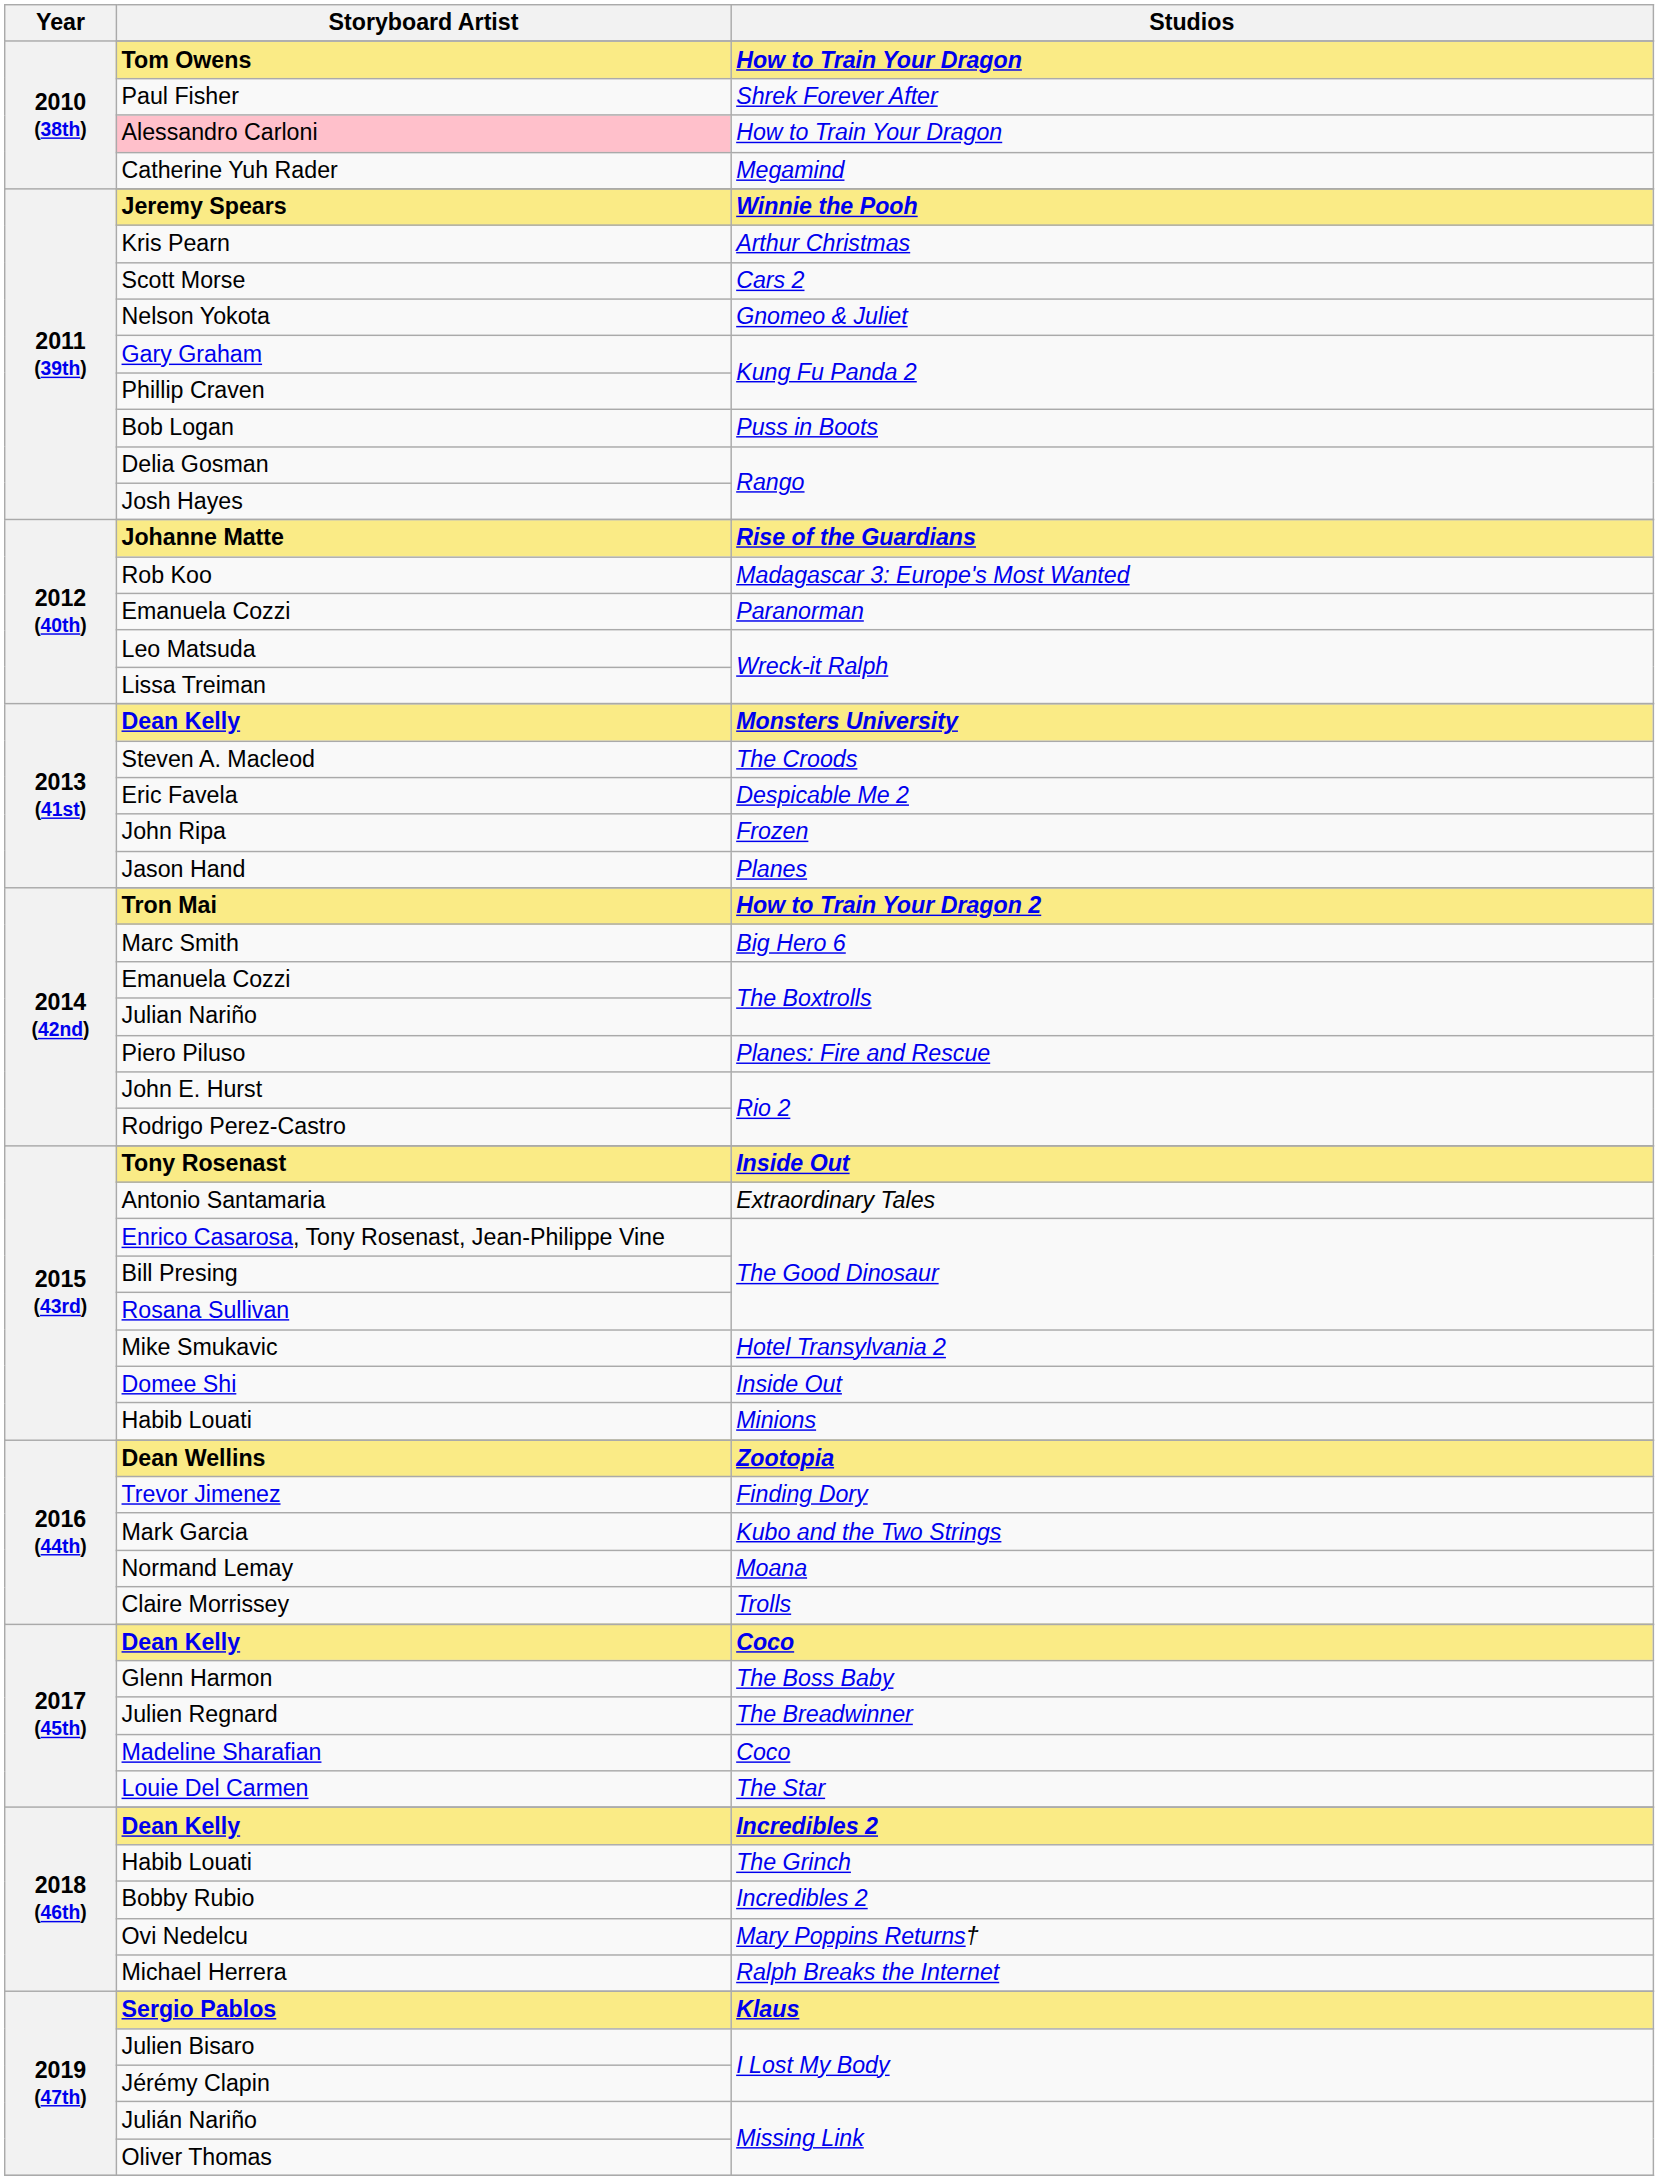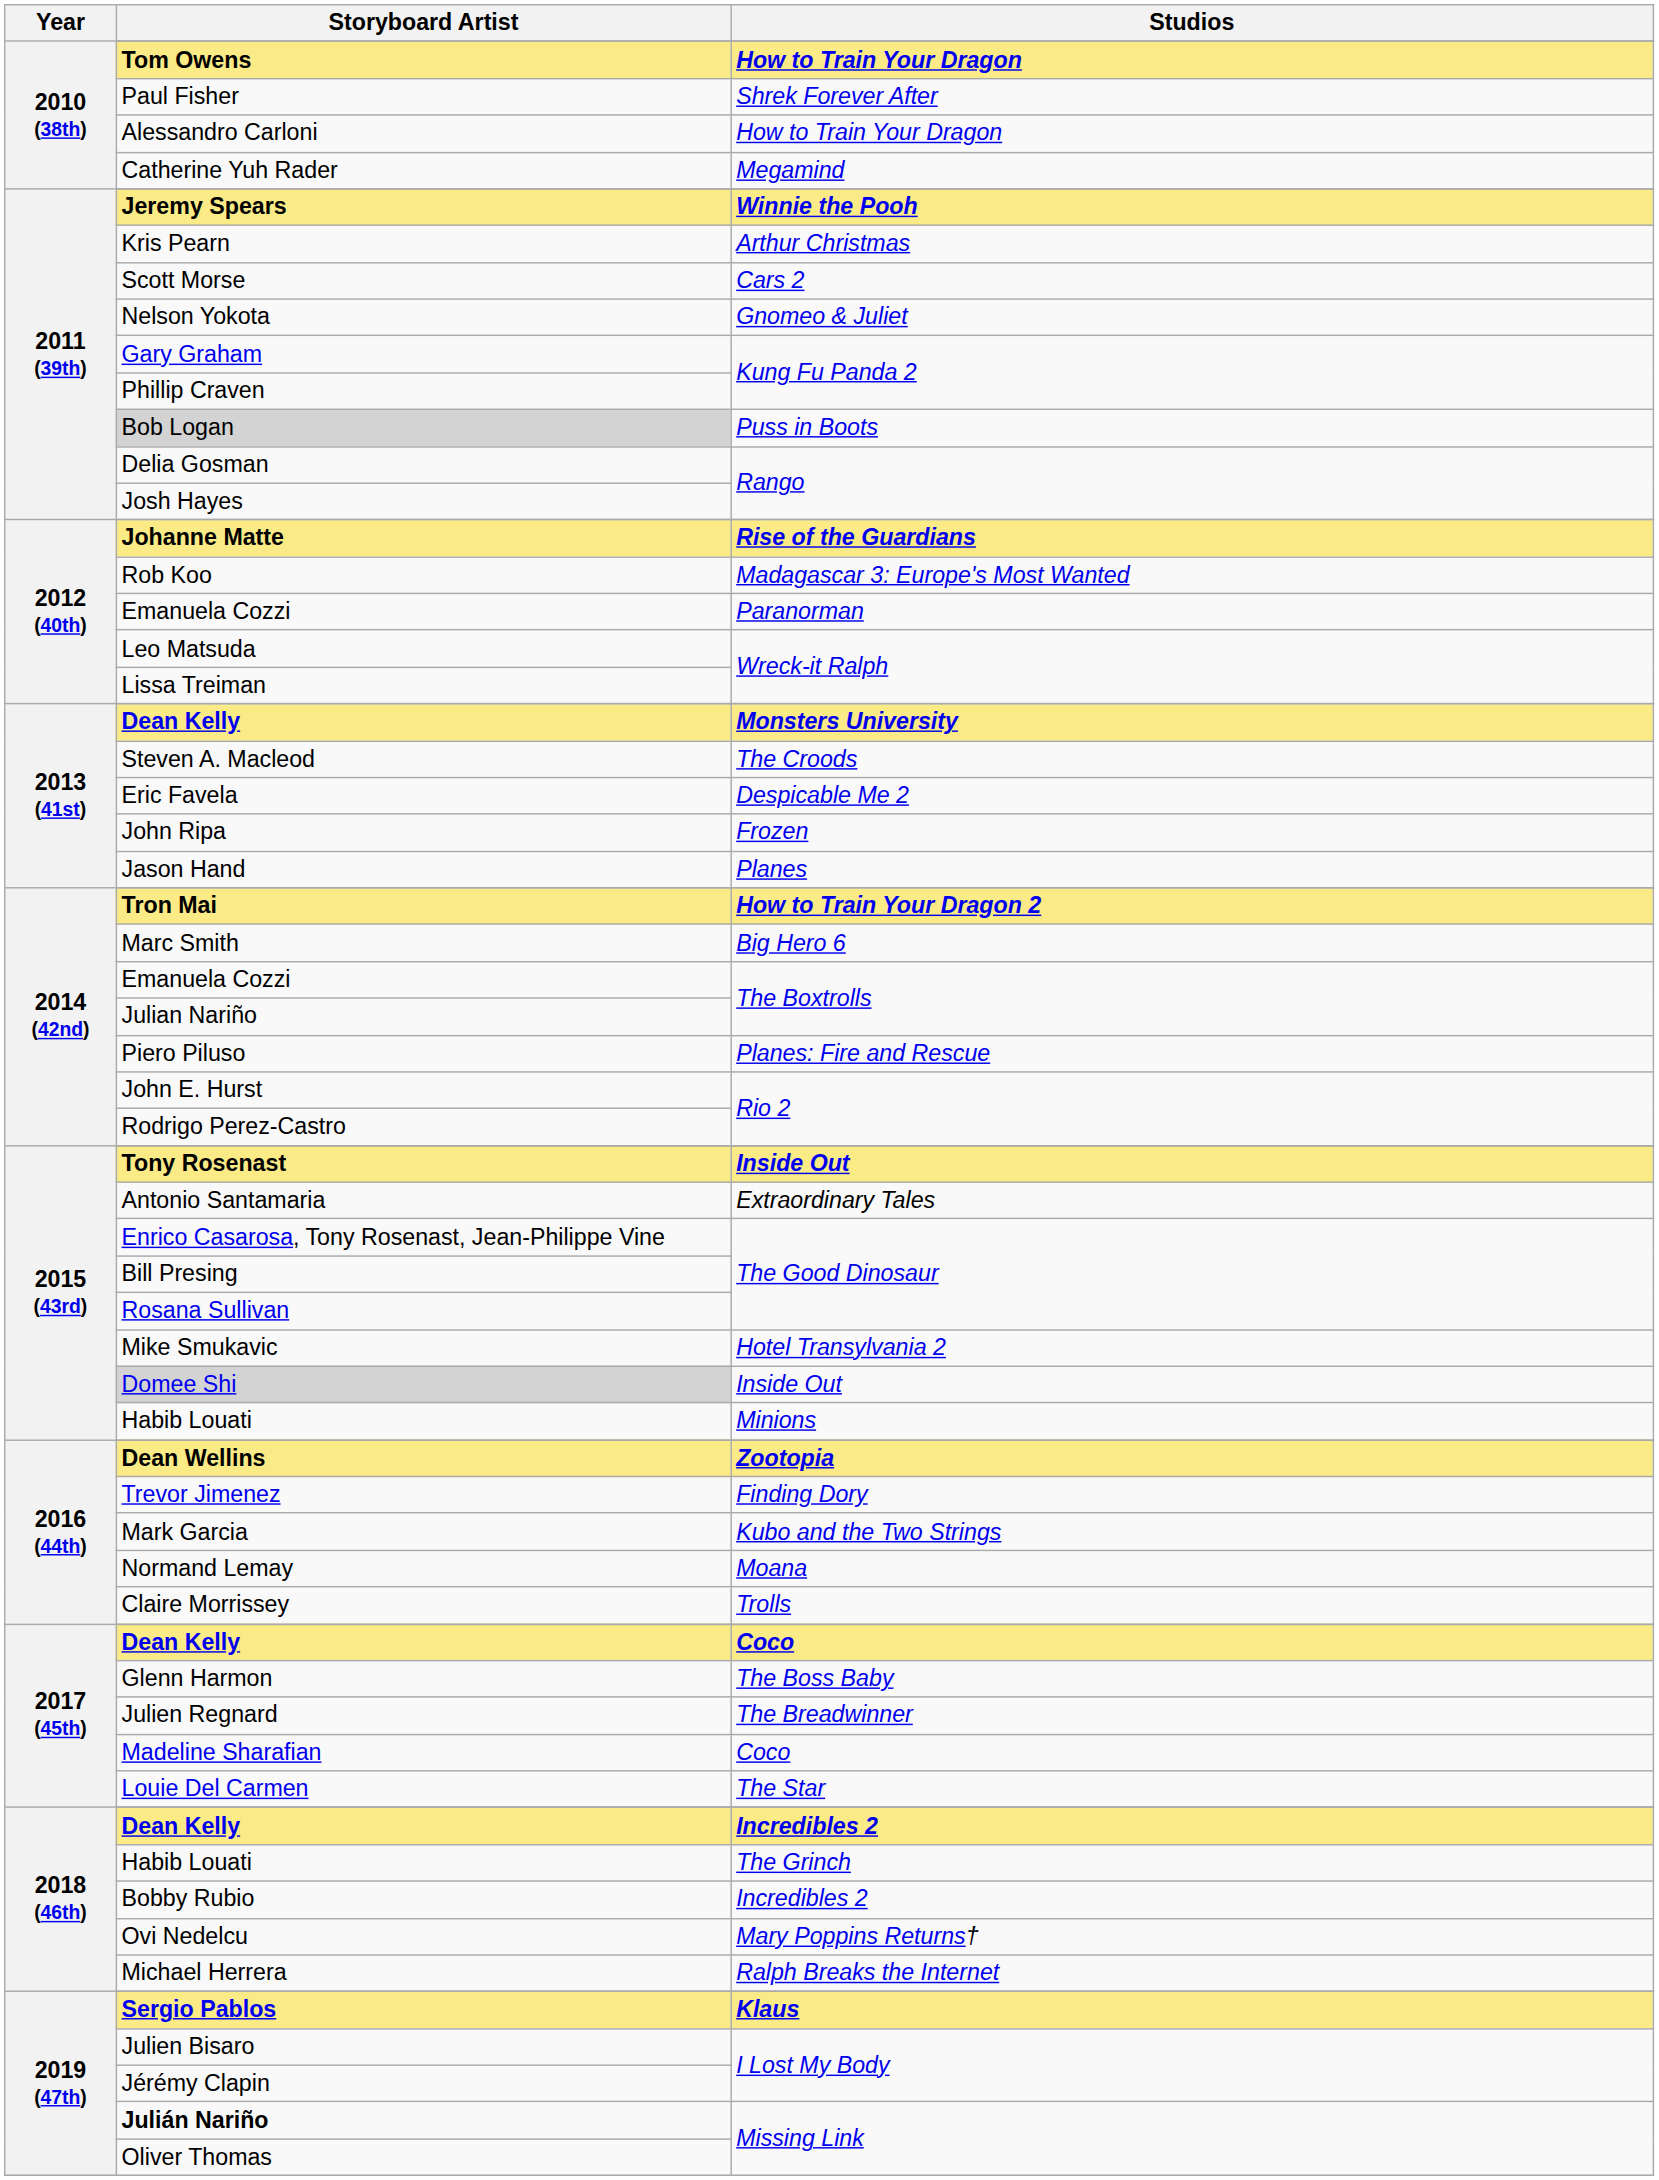 <table class="wikitable" style="width:90%;">
 <tr>
 <th style="width:3%;">Year</th>
 <th style="width:20%;">Storyboard Artist</th>
 <th style="width:30%;">Studios</th>
 </tr>
 <tr>
 <th rowspan="5" style="text-align:center;">2010 <br><small>(<a href='#'>38th</a>)</small><br></th>
 </tr>
 <tr>
 <td style="background:#FAEB86;"><strong>Tom Owens</strong></td>
 <td style="background:#FAEB86;"><strong><em><a href='#'>How to Train Your Dragon</a></em></strong></td>
 </tr>
 <tr>
 <td>Paul Fisher</td>
 <td><em><a href='#'>Shrek Forever After</a></em></td>
 </tr>
 <tr>
-<td style="background: pink;">Alessandro Carloni</td>
+<td>Alessandro Carloni</td>
 <td><em><a href='#'>How to Train Your Dragon</a></em></td>
 </tr>
 <tr>
 <td>Catherine Yuh Rader</td>
 <td><em><a href='#'>Megamind</a></em></td>
 </tr>
 <tr>
 <th rowspan="10" style="text-align:center;">2011 <br><small>(<a href='#'>39th</a>)</small><br></th>
 </tr>
 <tr>
 <td style="background:#FAEB86;"><strong>Jeremy Spears</strong></td>
 <td style="background:#FAEB86;"><strong><em><a href='#'>Winnie the Pooh</a></em></strong></td>
 </tr>
 <tr>
 <td>Kris Pearn</td>
 <td><em><a href='#'>Arthur Christmas</a></em></td>
 </tr>
 <tr>
 <td>Scott Morse</td>
 <td><em><a href='#'>Cars 2</a></em></td>
 </tr>
 <tr>
 <td>Nelson Yokota</td>
 <td><em><a href='#'>Gnomeo & Juliet</a></em></td>
 </tr>
 <tr>
 <td><a href='#'>Gary Graham</a></td>
 <td rowspan="2"><em><a href='#'>Kung Fu Panda 2</a></em></td>
 </tr>
 <tr>
 <td>Phillip Craven</td>
 </tr>
 <tr>
-<td>Bob Logan</td>
+<td style="background: lightgrey;">Bob Logan</td>
 <td><a href='#'><em>Puss in Boots</em></a></td>
 </tr>
 <tr>
 <td>Delia Gosman</td>
 <td rowspan="2"><em><a href='#'>Rango</a></em></td>
 </tr>
 <tr>
 <td>Josh Hayes</td>
 </tr>
 <tr>
 <th rowspan="6" style="text-align:center;">2012 <br><small>(<a href='#'>40th</a>)</small><br></th>
 </tr>
 <tr>
 <td style="background:#FAEB86;"><strong>Johanne Matte</strong></td>
 <td style="background:#FAEB86;"><strong><em><a href='#'>Rise of the Guardians</a></em></strong></td>
 </tr>
 <tr>
 <td>Rob Koo</td>
 <td><em><a href='#'>Madagascar 3: Europe's Most Wanted</a></em></td>
 </tr>
 <tr>
 <td>Emanuela Cozzi</td>
 <td><em><a href='#'>Paranorman</a></em></td>
 </tr>
 <tr>
 <td>Leo Matsuda</td>
 <td rowspan="2"><em><a href='#'>Wreck-it Ralph</a></em></td>
 </tr>
 <tr>
 <td>Lissa Treiman</td>
 </tr>
 <tr>
 <th rowspan="6" style="text-align:center;">2013 <br><small>(<a href='#'>41st</a>)</small><br></th>
 </tr>
 <tr>
 <td style="background:#FAEB86;"><strong><a href='#'>Dean Kelly</a></strong></td>
 <td style="background:#FAEB86;"><strong><em><a href='#'>Monsters University</a></em></strong></td>
 </tr>
 <tr>
 <td>Steven A. Macleod</td>
 <td><em><a href='#'>The Croods</a></em></td>
 </tr>
 <tr>
 <td>Eric Favela</td>
 <td><em><a href='#'>Despicable Me 2</a></em></td>
 </tr>
 <tr>
 <td>John Ripa</td>
 <td><em><a href='#'>Frozen</a></em></td>
 </tr>
 <tr>
 <td>Jason Hand</td>
 <td><em><a href='#'>Planes</a></em></td>
 </tr>
 <tr>
 <th rowspan="8" style="text-align:center;">2014 <br><small>(<a href='#'>42nd</a>)</small><br></th>
 </tr>
 <tr>
 <td style="background:#FAEB86;"><strong>Tron Mai</strong></td>
 <td style="background:#FAEB86;"><strong><em><a href='#'>How to Train Your Dragon 2</a></em></strong></td>
 </tr>
 <tr>
 <td>Marc Smith</td>
 <td><em><a href='#'>Big Hero 6</a></em></td>
 </tr>
 <tr>
 <td>Emanuela Cozzi</td>
 <td rowspan="2"><em><a href='#'>The Boxtrolls</a></em></td>
 </tr>
 <tr>
 <td>Julian Nariño</td>
 </tr>
 <tr>
 <td>Piero Piluso</td>
 <td><em><a href='#'>Planes: Fire and Rescue</a></em></td>
 </tr>
 <tr>
 <td>John E. Hurst</td>
 <td rowspan="2"><em><a href='#'>Rio 2</a></em></td>
 </tr>
 <tr>
 <td>Rodrigo Perez-Castro</td>
 </tr>
 <tr>
 <th rowspan="9" style="text-align:center;">2015 <br><small>(<a href='#'>43rd</a>)</small><br></th>
 </tr>
 <tr>
 <td style="background:#FAEB86;"><strong>Tony Rosenast</strong></td>
 <td style="background:#FAEB86;"><strong><em><a href='#'>Inside Out</a></em></strong></td>
 </tr>
 <tr>
 <td>Antonio Santamaria</td>
 <td><em>Extraordinary Tales</em></td>
 </tr>
 <tr>
 <td><a href='#'>Enrico Casarosa</a>, Tony Rosenast, Jean-Philippe Vine</td>
 <td rowspan="3"><em><a href='#'>The Good Dinosaur</a></em></td>
 </tr>
 <tr>
 <td>Bill Presing</td>
 </tr>
 <tr>
 <td><a href='#'>Rosana Sullivan</a></td>
 </tr>
 <tr>
 <td>Mike Smukavic</td>
 <td><em><a href='#'>Hotel Transylvania 2</a></em></td>
 </tr>
 <tr>
-<td><a href='#'>Domee Shi</a></td>
+<td style="background: lightgrey;"><a href='#'>Domee Shi</a></td>
 <td><em><a href='#'>Inside Out</a></em></td>
 </tr>
 <tr>
 <td>Habib Louati</td>
 <td><a href='#'><em>Minions</em></a></td>
 </tr>
 <tr>
 <th rowspan="6" style="text-align:center;">2016 <br><small>(<a href='#'>44th</a>)</small><br></th>
 </tr>
 <tr>
 <td style="background:#FAEB86;"><strong>Dean Wellins</strong></td>
 <td style="background:#FAEB86;"><strong><em><a href='#'>Zootopia</a></em></strong></td>
 </tr>
 <tr>
 <td><a href='#'>Trevor Jimenez</a></td>
 <td><em><a href='#'>Finding Dory</a></em></td>
 </tr>
 <tr>
 <td>Mark Garcia</td>
 <td><em><a href='#'>Kubo and the Two Strings</a></em></td>
 </tr>
 <tr>
 <td>Normand Lemay</td>
 <td><em><a href='#'>Moana</a></em></td>
 </tr>
 <tr>
 <td>Claire Morrissey</td>
 <td><em><a href='#'>Trolls</a></em></td>
 </tr>
 <tr>
 <th rowspan="6" style="text-align:center;">2017 <br><small>(<a href='#'>45th</a>)</small><br></th>
 </tr>
 <tr>
 <td style="background:#FAEB86;"><a href='#'><strong>Dean Kelly</strong></a></td>
 <td style="background:#FAEB86;"><strong><em><a href='#'>Coco</a></em></strong></td>
 </tr>
 <tr>
 <td>Glenn Harmon</td>
 <td><em><a href='#'>The Boss Baby</a></em></td>
 </tr>
 <tr>
 <td>Julien Regnard</td>
 <td><a href='#'><em>The Breadwinner</em></a></td>
 </tr>
 <tr>
 <td><a href='#'>Madeline Sharafian</a></td>
 <td><em><a href='#'>Coco</a></em></td>
 </tr>
 <tr>
 <td><a href='#'>Louie Del Carmen</a></td>
 <td><em><a href='#'>The Star</a></em></td>
 </tr>
 <tr>
 <th rowspan="6" style="text-align:center;">2018 <br><small>(<a href='#'>46th</a>)</small><br></th>
 </tr>
 <tr>
 <td style="background:#FAEB86;"><a href='#'><strong>Dean Kelly</strong></a></td>
 <td style="background:#FAEB86;"><strong><em><a href='#'>Incredibles 2</a></em></strong></td>
 </tr>
 <tr>
 <td>Habib Louati</td>
 <td><em><a href='#'>The Grinch</a></em></td>
 </tr>
 <tr>
 <td>Bobby Rubio</td>
 <td><em><a href='#'>Incredibles 2</a></em></td>
 </tr>
 <tr>
 <td>Ovi Nedelcu</td>
 <td><em><a href='#'>Mary Poppins Returns</a>†</em></td>
 </tr>
 <tr>
 <td>Michael Herrera</td>
 <td><em><a href='#'>Ralph Breaks the Internet</a></em></td>
 </tr>
 <tr>
 <th rowspan="6" style="text-align:center;">2019 <br><small>(<a href='#'>47th</a>)</small><br></th>
 </tr>
 <tr>
 <td style="background:#FAEB86;"><strong><a href='#'>Sergio Pablos</a></strong></td>
 <td style="background:#FAEB86;"><strong><em><a href='#'>Klaus</a></em></strong></td>
 </tr>
 <tr>
 <td>Julien Bisaro</td>
 <td rowspan="2"><em><a href='#'>I Lost My Body</a></em></td>
 </tr>
 <tr>
 <td>Jérémy Clapin</td>
 </tr>
 <tr>
-<td>Julián Nariño</td>
+<td><strong>Julián Nariño</strong></td>
 <td rowspan="2"><em><a href='#'>Missing Link</a></em></td>
 </tr>
 <tr>
 <td>Oliver Thomas</td>
 </tr>
 <tr>
 </tr>
 </table>
